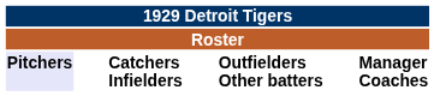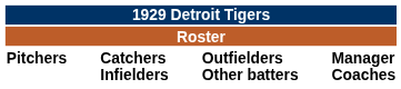 <table class="toccolours" style="font-size: 95%;">
 <tr>
 <th colspan="10" style="background-color: #003366; color: white; text-align: center;">1929 Detroit Tigers</th>
 </tr>
 <tr>
 <td colspan="10" style="background-color: #bd5d29; color: white; text-align: center;"><strong>Roster</strong></td>
 </tr>
 <tr>
-<td valign="top" style="background: lavender;"><strong>Pitchers</strong><br>               </td>
+<td valign="top"><strong>Pitchers</strong><br>               </td>
 <td width="25px"></td>
 <td valign="top"><strong>Catchers</strong><br>    <strong>Infielders</strong>         </td>
 <td width="25px"></td>
 <td valign="top"><strong>Outfielders</strong><br>     <strong>Other batters</strong> </td>
 <td width="25px"></td>
 <td valign="top"><strong>Manager</strong><br> <strong>Coaches</strong>  </td>
 </tr>
 </table>
